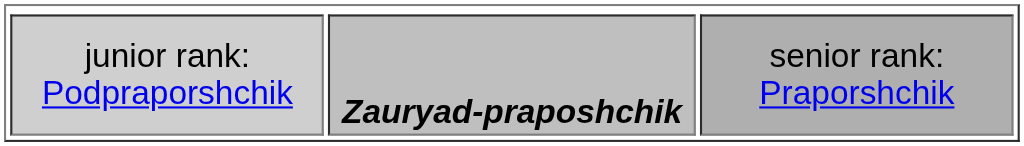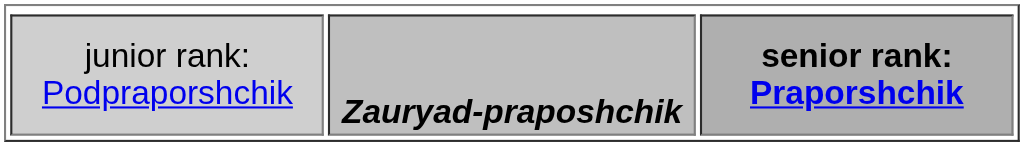 <table class="wikipedia sortable" border="1">
 <tr>
 </tr>
 <tr>
 <td width="30%" align="center" style="background:#cfcfcf;">junior rank: <br> <a href='#'>Podpraporshchik</a></td>
 <td width="35%" align="center" style="background:#bfbfbf;"><br> <br><strong><em>Zauryad-praposhchik</em></strong></td>
-<td width="30%" align="center" style="background:#afafaf;">senior rank:<br><a href='#'>Praporshchik</a></td>
+<td width="30%" align="center" style="background:#afafaf;"><strong>senior rank:<br><a href='#'>Praporshchik</a></strong></td>
 </tr>
 </table>
